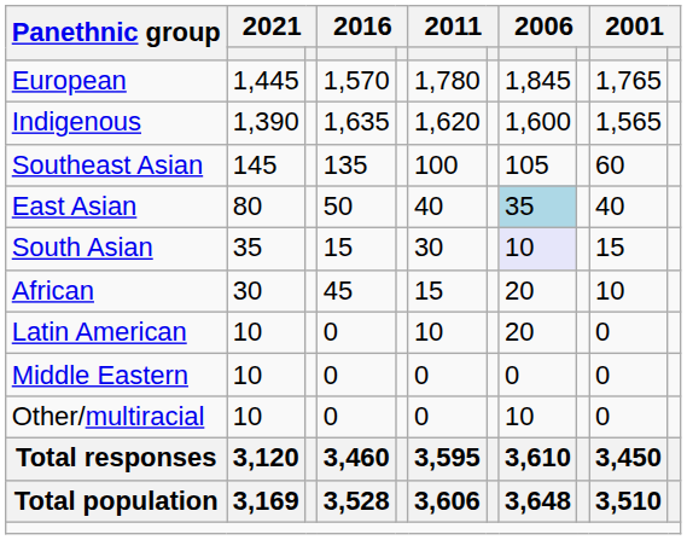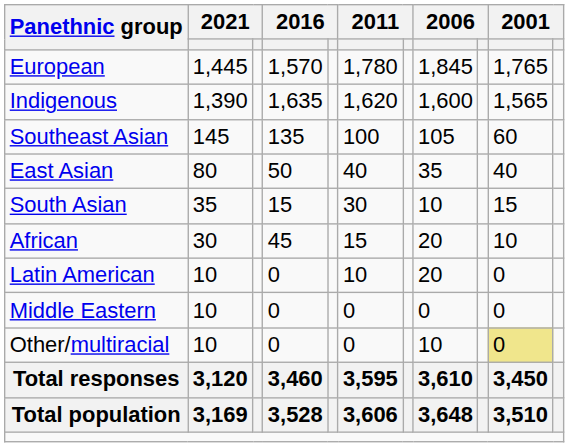 <table class="wikitable collapsible sortable">
 <tr>
 <th rowspan="2"><a href='#'>Panethnic</a> group</th>
 <th colspan="2">2021</th>
 <th colspan="2">2016</th>
 <th colspan="2">2011</th>
 <th colspan="2">2006</th>
 <th colspan="2">2001</th>
 </tr>
 <tr>
 <th><a href='#'></a></th>
 <th></th>
 <th></th>
 <th></th>
 <th></th>
 <th></th>
 <th></th>
 <th></th>
 <th></th>
 <th></th>
 </tr>
 <tr>
 <td><a href='#'>European</a></td>
 <td>1,445</td>
 <td></td>
 <td>1,570</td>
 <td></td>
 <td>1,780</td>
 <td></td>
 <td>1,845</td>
 <td></td>
 <td>1,765</td>
 <td></td>
 </tr>
 <tr>
 <td><a href='#'>Indigenous</a></td>
 <td>1,390</td>
 <td></td>
 <td>1,635</td>
 <td></td>
 <td>1,620</td>
 <td></td>
 <td>1,600</td>
 <td></td>
 <td>1,565</td>
 <td></td>
 </tr>
 <tr>
 <td><a href='#'>Southeast Asian</a></td>
 <td>145</td>
 <td></td>
 <td>135</td>
 <td></td>
 <td>100</td>
 <td></td>
 <td>105</td>
 <td></td>
 <td>60</td>
 <td></td>
 </tr>
 <tr>
 <td><a href='#'>East Asian</a></td>
 <td>80</td>
 <td></td>
 <td>50</td>
 <td></td>
 <td>40</td>
 <td></td>
-<td style="background: lightblue;">35</td>
+<td>35</td>
 <td></td>
 <td>40</td>
 <td></td>
 </tr>
 <tr>
 <td><a href='#'>South Asian</a></td>
 <td>35</td>
 <td></td>
 <td>15</td>
 <td></td>
 <td>30</td>
 <td></td>
-<td style="background: lavender;">10</td>
+<td>10</td>
 <td></td>
 <td>15</td>
 <td></td>
 </tr>
 <tr>
 <td><a href='#'>African</a></td>
 <td>30</td>
 <td></td>
 <td>45</td>
 <td></td>
 <td>15</td>
 <td></td>
 <td>20</td>
 <td></td>
 <td>10</td>
 <td></td>
 </tr>
 <tr>
 <td><a href='#'>Latin American</a></td>
 <td>10</td>
 <td></td>
 <td>0</td>
 <td></td>
 <td>10</td>
 <td></td>
 <td>20</td>
 <td></td>
 <td>0</td>
 <td></td>
 </tr>
 <tr>
 <td><a href='#'>Middle Eastern</a></td>
 <td>10</td>
 <td></td>
 <td>0</td>
 <td></td>
 <td>0</td>
 <td></td>
 <td>0</td>
 <td></td>
 <td>0</td>
 <td></td>
 </tr>
 <tr>
 <td>Other/<a href='#'>multiracial</a></td>
 <td>10</td>
 <td></td>
 <td>0</td>
 <td></td>
 <td>0</td>
 <td></td>
 <td>10</td>
 <td></td>
-<td>0</td>
+<td style="background: khaki;">0</td>
 <td></td>
 </tr>
 <tr>
 <th>Total responses</th>
 <th>3,120</th>
 <th></th>
 <th>3,460</th>
 <th></th>
 <th>3,595</th>
 <th></th>
 <th>3,610</th>
 <th></th>
 <th>3,450</th>
 <th></th>
 </tr>
 <tr class="sortbottom">
 <th>Total population</th>
 <th>3,169</th>
 <th></th>
 <th>3,528</th>
 <th></th>
 <th>3,606</th>
 <th></th>
 <th>3,648</th>
 <th></th>
 <th>3,510</th>
 <th></th>
 </tr>
 <tr class="sortbottom">
 <td colspan="11"></td>
 </tr>
 </table>
